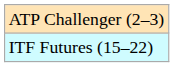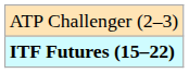 <table class=wikitable style=font-size:97%>
 <tr bgcolor=moccasin>
 <td>ATP Challenger (2–3)</td>
 </tr>
 <tr bgcolor=cffcff>
-<td>ITF Futures (15–22)</td>
+<td><strong>ITF Futures (15–22)</strong></td>
 </tr>
 </table>
